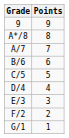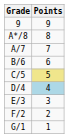 <table class="wikitable" style="text-align:center; width:5%">
 <tr>
 <th>Grade</th>
 <th>Points</th>
 </tr>
 <tr>
 <td>9</td>
 <td>9</td>
 </tr>
 <tr>
 <td>A*/8</td>
 <td>8</td>
 </tr>
 <tr>
 <td>A/7</td>
 <td>7</td>
 </tr>
 <tr>
 <td>B/6</td>
 <td>6</td>
 </tr>
 <tr>
 <td>C/5</td>
-<td>5</td>
+<td style="background: khaki;">5</td>
 </tr>
 <tr>
 <td>D/4</td>
-<td>4</td>
+<td style="background: lightblue;">4</td>
 </tr>
 <tr>
 <td>E/3</td>
 <td>3</td>
 </tr>
 <tr>
 <td>F/2</td>
 <td>2</td>
 </tr>
 <tr>
 <td>G/1</td>
 <td>1</td>
 </tr>
 </table>
